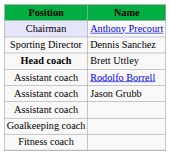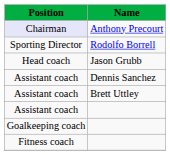 <table class="wikitable" style="text-align:center;">
 <tr>
 <th style="background:#00AE42; color:black;">Position</th>
 <th style="background:#00AE42; color:black;">Name</th>
 </tr>
 <tr>
 <td style="background: lavender;">Chairman</td>
 <td align=left> <a href='#'>Anthony Precourt</a></td>
 </tr>
 <tr>
 <td>Sporting Director</td>
+<td align=left> <a href='#'>Rodolfo Borrell</a></td>
+</tr>
+<tr>
+<td>Head coach</td>
+<td align=left> Jason Grubb</td>
+</tr>
+<tr>
+<td>Assistant coach</td>
 <td align=left> Dennis Sanchez</td>
 </tr>
 <tr>
-<td><strong>Head coach</strong></td>
+<td>Assistant coach</td>
 <td align=left> Brett Uttley</td>
-</tr>
-<tr>
-<td>Assistant coach</td>
-<td align=left> <a href='#'>Rodolfo Borrell</a></td>
-</tr>
-<tr>
-<td>Assistant coach</td>
-<td align=left> Jason Grubb</td>
 </tr>
 <tr>
 <td>Assistant coach</td>
 <td align=left></td>
 </tr>
 <tr>
 <td>Goalkeeping coach</td>
 <td align=left></td>
 </tr>
 <tr>
 <td>Fitness coach</td>
 <td align=left></td>
 </tr>
 <tr>
 </tr>
 </table>
